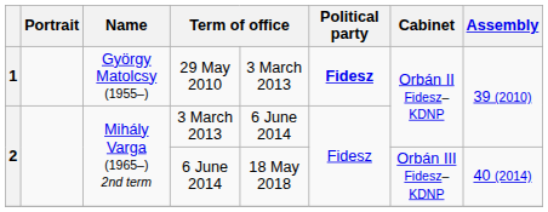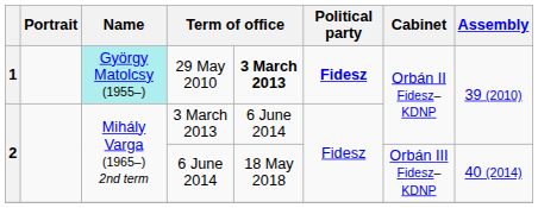 <table class="wikitable" style="width:90%; text-align:center;">
 <tr>
 <th></th>
 <th>Portrait</th>
 <th>Name<br></th>
 <th colspan=2>Term of office</th>
 <th>Political party</th>
 <th>Cabinet</th>
 <th><a href='#'>Assembly</a><br></th>
 </tr>
 <tr>
 <th style="background:">1</th>
 <td></td>
-<td><a href='#'>György Matolcsy</a><br><small>(1955–)</small></td>
+<td style="background: paleturquoise;"><a href='#'>György Matolcsy</a><br><small>(1955–)</small></td>
 <td>29 May 2010</td>
-<td>3 March 2013</td>
+<td><strong>3 March 2013</strong></td>
 <td><strong><a href='#'>Fidesz</a></strong></td>
 <td rowspan="2"><a href='#'>Orbán II</a><br><small><a href='#'>Fidesz</a>–<a href='#'>KDNP</a></small></td>
 <td rowspan="2"><a href='#'>39 <small>(2010)</small></a></td>
 </tr>
 <tr>
 <th rowspan="2" style="background:">2</th>
 <td rowspan="2"></td>
 <td rowspan="2"><a href='#'>Mihály Varga</a><br><small>(1965–)<br><em>2nd term</em></small></td>
 <td>3 March 2013</td>
 <td>6 June 2014</td>
 <td rowspan="2"><a href='#'>Fidesz</a></td>
 </tr>
 <tr>
 <td>6 June 2014</td>
 <td>18 May 2018</td>
 <td><a href='#'>Orbán III</a><br><small><a href='#'>Fidesz</a>–<a href='#'>KDNP</a></small></td>
 <td><a href='#'>40 <small>(2014)</small></a></td>
 </tr>
 <tr>
 </tr>
 </table>
